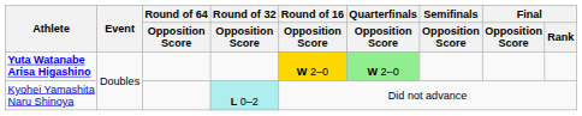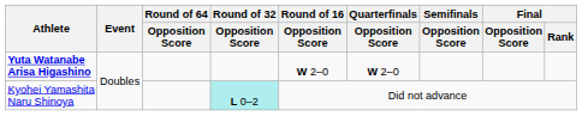 <table class=wikitable style="text-align:center; font-size:90%">
 <tr>
 <th rowspan="2">Athlete</th>
 <th rowspan="2">Event</th>
 <th>Round of 64</th>
 <th>Round of 32</th>
 <th>Round of 16</th>
 <th>Quarterfinals</th>
 <th>Semifinals</th>
 <th colspan="2">Final</th>
 </tr>
 <tr>
 <th>Opposition<br>Score</th>
 <th>Opposition<br>Score</th>
 <th>Opposition<br>Score</th>
 <th>Opposition<br>Score</th>
 <th>Opposition<br>Score</th>
 <th>Opposition<br>Score</th>
 <th>Rank</th>
 </tr>
 <tr>
 <td align="left"><strong><a href='#'>Yuta Watanabe</a> <br><a href='#'>Arisa Higashino</a></strong></td>
 <td rowspan="2">Doubles</td>
 <td></td>
 <td></td>
-<td style="background: gold;"><br><strong>W</strong> 2–0</td>
-<td style="background: lightgreen;"><br><strong>W</strong> 2–0</td>
+<td><br><strong>W</strong> 2–0</td>
+<td><br><strong>W</strong> 2–0</td>
 <td></td>
 <td></td>
 <td></td>
 </tr>
 <tr>
 <td align="left"><a href='#'>Kyohei Yamashita</a><br><a href='#'>Naru Shinoya</a></td>
 <td></td>
 <td style="background: paleturquoise;"><br><strong>L</strong> 0–2</td>
 <td colspan="5">Did not advance</td>
 </tr>
 </table>
